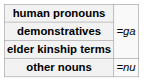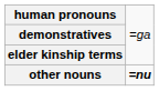 <table class="wikitable" style="text-align:center;">
 <tr>
 <th>human pronouns</th>
 <td rowspan="3"><em>=ga</em></td>
 </tr>
 <tr>
 <th>demonstratives</th>
 </tr>
 <tr>
 <th>elder kinship terms</th>
 </tr>
 <tr>
 <th>other nouns</th>
-<td><em>=nu</em></td>
+<td><strong><em>=nu</em></strong></td>
 </tr>
 </table>
